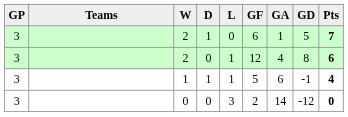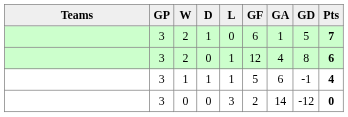 <table style=border-collapse:collapse border=1 cellspacing=0 cellpadding=5>
 <tr align=center bgcolor=#efefef>
+<th width=185>Teams</th>
 <th width=20>GP</th>
-<th width=185>Teams</th>
 <th width=20>W</th>
 <th width=20>D</th>
 <th width=20>L</th>
 <th width=20>GF</th>
 <th width=20>GA</th>
 <th width=20>GD</th>
 <th width=20>Pts</th>
 </tr>
 <tr align=center style="background:#ccffcc;">
+<td style="text-align:left;"></td>
 <td>3</td>
-<td style="text-align:left;"></td>
 <td>2</td>
 <td>1</td>
 <td>0</td>
 <td>6</td>
 <td>1</td>
 <td>5</td>
 <td><strong>7</strong></td>
 </tr>
 <tr align=center style="background:#ccffcc;">
+<td style="text-align:left;"></td>
 <td>3</td>
-<td style="text-align:left;"></td>
 <td>2</td>
 <td>0</td>
 <td>1</td>
 <td>12</td>
 <td>4</td>
 <td>8</td>
 <td><strong>6</strong></td>
 </tr>
 <tr align=center>
+<td style="text-align:left;"></td>
 <td>3</td>
-<td style="text-align:left;"></td>
 <td>1</td>
 <td>1</td>
 <td>1</td>
 <td>5</td>
 <td>6</td>
 <td>-1</td>
 <td><strong>4</strong></td>
 </tr>
 <tr align=center>
+<td style="text-align:left;"></td>
 <td>3</td>
-<td style="text-align:left;"></td>
 <td>0</td>
 <td>0</td>
 <td>3</td>
 <td>2</td>
 <td>14</td>
 <td>-12</td>
 <td><strong>0</strong></td>
 </tr>
 </table>
